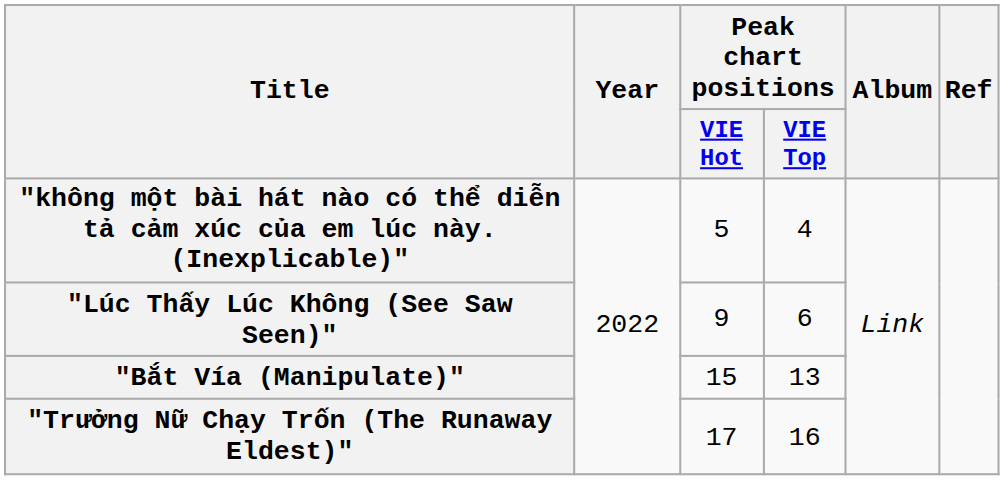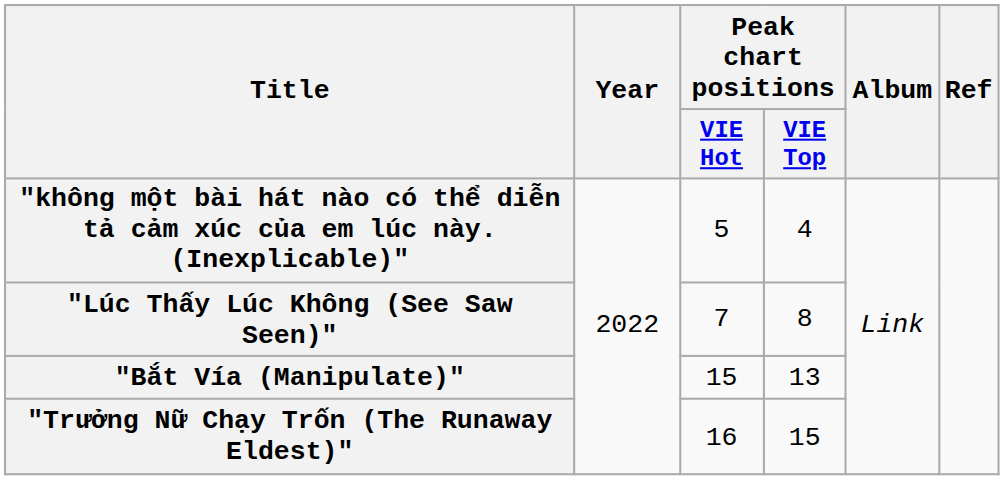 <table class="wikitable plainrowheaders" border="1" style="text-align:center;">
 <tr>
 <th scope="col" style="width:21em;" rowspan="2">Title</th>
 <th scope="col" style="width:3.5em;" rowspan="2">Year</th>
 <th colspan="2”">Peak chart positions</th>
 <th rowspan="2">Album</th>
 <th scope="col" class="unsortable" rowspan="2">Ref</th>
 </tr>
 <tr>
 <th style="width:3em;font-size:90%;"><a href='#'>VIE Hot</a></th>
 <th style="width:3em;font-size:90%;"><a href='#'>VIE Top</a></th>
 </tr>
 <tr>
 <th scope="row">"không một bài hát nào có thể diễn tả cảm xúc của em lúc này. (Inexplicable)" </th>
 <td rowspan="6">2022</td>
 <td>5</td>
 <td>4</td>
 <td rowspan="5"><em>Link</em></td>
 <td rowspan="5"><br><br></td>
 </tr>
 <tr>
 <th scope="row">"Lúc Thấy Lúc Không (See Saw Seen)"</th>
-<td>9</td>
-<td>6</td>
+<td>7</td>
+<td>8</td>
 </tr>
 <tr>
 <th scope="row">"Bắt Vía (Manipulate)" </th>
 <td>15</td>
 <td>13</td>
 </tr>
 <tr>
 <th scope="row">"Trưởng Nữ Chạy Trốn (The Runaway Eldest)"</th>
-<td>17</td>
 <td>16</td>
+<td>15</td>
 </tr>
 </table>
